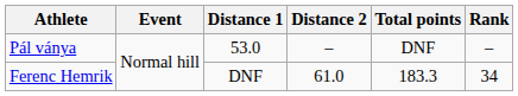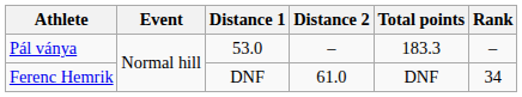 <table class="wikitable" style="font-size:90%">
 <tr>
 <th>Athlete</th>
 <th>Event</th>
 <th>Distance 1</th>
 <th>Distance 2</th>
 <th>Total points</th>
 <th>Rank</th>
 </tr>
 <tr>
 <td><a href='#'>Pál ványa</a></td>
 <td rowspan="4">Normal hill</td>
 <td align="center">53.0</td>
 <td align="center">–</td>
-<td align="center">DNF</td>
+<td align="center">183.3</td>
 <td align="center">–</td>
 </tr>
 <tr>
 <td><a href='#'>Ferenc Hemrik</a></td>
 <td align="center">DNF</td>
 <td align="center">61.0</td>
-<td align="center">183.3</td>
+<td align="center">DNF</td>
 <td align="center">34</td>
 </tr>
 </table>
